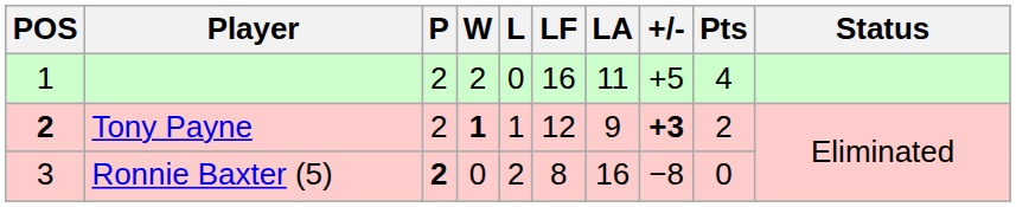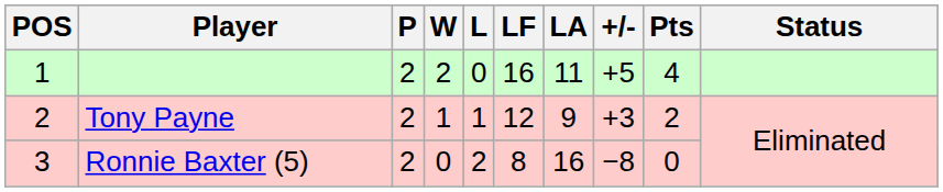 <table class="wikitable" style="text-align:center; margin: 1em auto 1em auto, align:left">
 <tr>
 <th width=20>POS</th>
 <th width=168>Player</th>
 <th width=3>P</th>
 <th width=3>W</th>
 <th width=3>L</th>
 <th width=20>LF</th>
 <th width=20>LA</th>
 <th width=20>+/-</th>
 <th width=20>Pts</th>
 <th width=126>Status</th>
 </tr>
 <tr style="background:#CCFFCC;">
 <td>1</td>
 <td style="text-align:left;"></td>
 <td>2</td>
 <td>2</td>
 <td>0</td>
 <td>16</td>
 <td>11</td>
 <td>+5</td>
 <td>4</td>
 <td rowspan=1></td>
 </tr>
 <tr style="background:#FFCCCC;">
-<td><strong>2</strong></td>
+<td>2</td>
 <td style="text-align:left;"> <a href='#'>Tony Payne</a></td>
 <td>2</td>
-<td><strong>1</strong></td>
+<td>1</td>
 <td>1</td>
 <td>12</td>
 <td>9</td>
-<td><strong>+3</strong></td>
+<td>+3</td>
 <td>2</td>
 <td rowspan=2>Eliminated</td>
 </tr>
 <tr style="background:#FFCCCC;">
 <td>3</td>
 <td style="text-align:left;"> <a href='#'>Ronnie Baxter</a> (5)</td>
-<td><strong>2</strong></td>
+<td>2</td>
 <td>0</td>
 <td>2</td>
 <td>8</td>
 <td>16</td>
 <td>−8</td>
 <td>0</td>
 </tr>
 </table>
